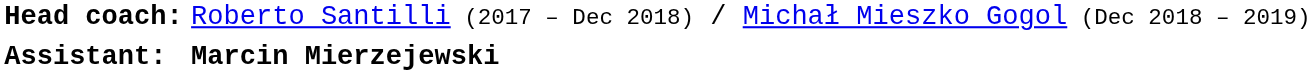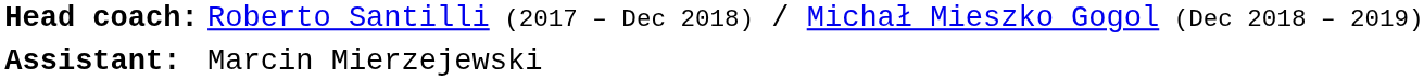 <table>
 <tr>
 <td><strong>Head coach:</strong></td>
 <td> <a href='#'>Roberto Santilli</a><small> (2017 – Dec 2018)</small> /  <a href='#'>Michał Mieszko Gogol</a><small> (Dec 2018 – 2019)</small></td>
 </tr>
 <tr>
 <td><strong>Assistant:</strong></td>
-<td><strong> Marcin Mierzejewski</strong></td>
+<td> Marcin Mierzejewski</td>
 </tr>
 </table>
